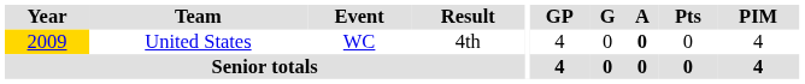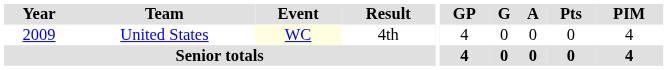 <table border="0" cellpadding="1" cellspacing="0" ID="Table3" style="text-align:center; width:40em">
 <tr ALIGN="center" bgcolor="#e0e0e0">
 <th>Year</th>
 <th>Team</th>
 <th>Event</th>
 <th>Result</th>
 <th rowspan="99" bgcolor="#ffffff"></th>
 <th>GP</th>
 <th>G</th>
 <th>A</th>
 <th>Pts</th>
 <th>PIM</th>
 </tr>
 <tr>
-<td style="background: gold;"><a href='#'>2009</a></td>
+<td><a href='#'>2009</a></td>
 <td><a href='#'>United States</a></td>
-<td><a href='#'>WC</a></td>
+<td style="background: lightyellow;"><a href='#'>WC</a></td>
 <td>4th</td>
 <td>4</td>
 <td>0</td>
-<td><strong>0</strong></td>
+<td>0</td>
 <td>0</td>
 <td>4</td>
 </tr>
 <tr bgcolor="#e0e0e0">
 <th colspan="4">Senior totals</th>
 <th>4</th>
 <th>0</th>
 <th>0</th>
 <th>0</th>
 <th>4</th>
 </tr>
 </table>
